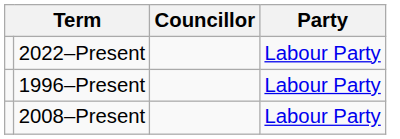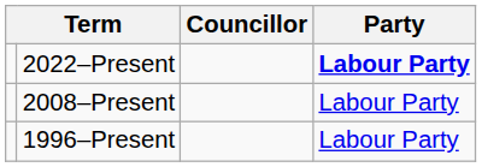 <table class="wikitable">
 <tr>
 <th colspan=2>Term</th>
 <th>Councillor</th>
 <th>Party</th>
 </tr>
 <tr>
 <td style="background-color: "></td>
 <td>2022–Present</td>
 <td></td>
+<td><strong><a href='#'>Labour Party</a></strong></td>
+</tr>
+<tr>
+<td style="background-color: "></td>
+<td>2008–Present</td>
+<td></td>
 <td><a href='#'>Labour Party</a></td>
 </tr>
 <tr>
 <td style="background-color: "></td>
 <td>1996–Present</td>
 <td></td>
 <td><a href='#'>Labour Party</a></td>
 </tr>
-<tr>
-<td style="background-color: "></td>
-<td>2008–Present</td>
-<td></td>
-<td><a href='#'>Labour Party</a></td>
-</tr>
 </table>
